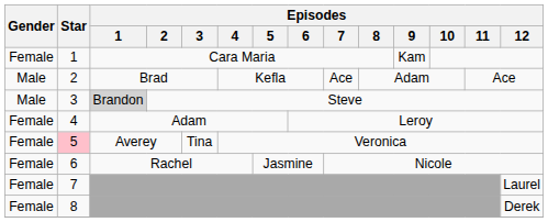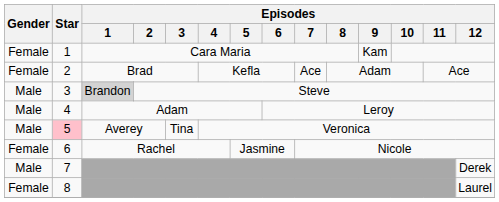 <table class="wikitable" style="text-align:center">
 <tr>
 <th rowspan="2">Gender</th>
 <th rowspan="2">Star</th>
 <th colspan="13">Episodes</th>
 </tr>
 <tr>
 <th colspan=2 style="width:35px;">1</th>
 <th style="width:35px;">2</th>
 <th style="width:35px;">3</th>
 <th style="width:35px;">4</th>
 <th style="width:35px;">5</th>
 <th style="width:35px;">6</th>
 <th style="width:35px;">7</th>
 <th style="width:35px;">8</th>
 <th style="width:35px;">9</th>
 <th style="width:35px;">10</th>
 <th style="width:35px;">11</th>
 <th style="width:35px;">12</th>
 </tr>
 <tr>
 <td>Female</td>
 <td>1</td>
 <td colspan="9">Cara Maria</td>
 <td>Kam</td>
 <td colspan="3"></td>
 </tr>
 <tr>
-<td>Male</td>
+<td>Female</td>
 <td>2</td>
 <td colspan="4">Brad</td>
 <td colspan="3">Kefla</td>
 <td>Ace</td>
 <td colspan="3">Adam</td>
 <td colspan="2">Ace</td>
 </tr>
 <tr>
 <td>Male</td>
 <td>3</td>
 <td style="background: lightgrey;">Brandon</td>
 <td colspan="12">Steve</td>
 </tr>
 <tr>
-<td>Female</td>
+<td>Male</td>
 <td>4</td>
 <td colspan="6">Adam</td>
 <td colspan="7">Leroy</td>
 </tr>
 <tr>
-<td>Female</td>
+<td>Male</td>
 <td style="background: pink;">5</td>
 <td colspan="3">Averey</td>
 <td>Tina</td>
 <td colspan="9">Veronica</td>
 </tr>
 <tr>
 <td>Female</td>
 <td>6</td>
 <td colspan="5">Rachel</td>
 <td colspan="2">Jasmine</td>
 <td colspan="6">Nicole</td>
 </tr>
 <tr>
-<td>Female</td>
+<td>Male</td>
 <td>7</td>
 <td colspan="12" style="background:darkgray;"></td>
-<td>Laurel</td>
+<td>Derek</td>
 </tr>
 <tr>
 <td>Female</td>
 <td>8</td>
 <td colspan="12" style="background:darkgray;"></td>
-<td>Derek</td>
+<td>Laurel</td>
 </tr>
 <tr>
 </tr>
 </table>
